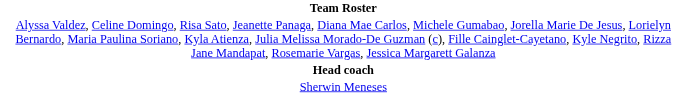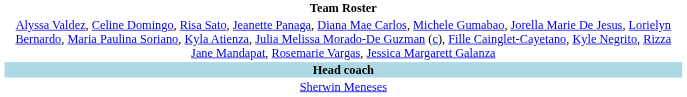 <table style="text-align:center; margin-top:2em; margin-left:auto; margin-right:auto">
 <tr>
 <td><strong>Team Roster</strong></td>
 </tr>
 <tr>
 <td><a href='#'>Alyssa Valdez</a>, <a href='#'>Celine Domingo</a>, <a href='#'>Risa Sato</a>, <a href='#'>Jeanette Panaga</a>, <a href='#'>Diana Mae Carlos</a>, <a href='#'>Michele Gumabao</a>, <a href='#'>Jorella Marie De Jesus</a>, <a href='#'>Lorielyn Bernardo</a>, <a href='#'>Maria Paulina Soriano</a>, <a href='#'>Kyla Atienza</a>, <a href='#'>Julia Melissa Morado-De Guzman</a> (<a href='#'>c</a>), <a href='#'>Fille Cainglet-Cayetano</a>, <a href='#'>Kyle Negrito</a>, <a href='#'>Rizza Jane Mandapat</a>, <a href='#'>Rosemarie Vargas</a>, <a href='#'>Jessica Margarett Galanza</a></td>
 </tr>
 <tr>
-<td><strong>Head coach</strong></td>
+<td style="background: lightblue;"><strong>Head coach</strong></td>
 </tr>
 <tr>
 <td><a href='#'>Sherwin Meneses</a></td>
 </tr>
 </table>
